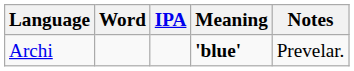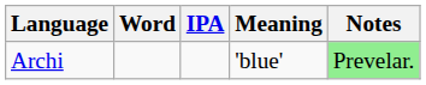 <table class="wikitable">
 <tr>
 <th colspan="2">Language</th>
 <th>Word</th>
 <th><a href='#'>IPA</a></th>
 <th>Meaning</th>
 <th>Notes</th>
 </tr>
 <tr>
 <td colspan="2"><a href='#'>Archi</a></td>
 <td></td>
 <td></td>
-<td><strong>'blue'</strong></td>
-<td>Prevelar.</td>
+<td>'blue'</td>
+<td style="background: lightgreen;">Prevelar.</td>
 </tr>
 </table>
